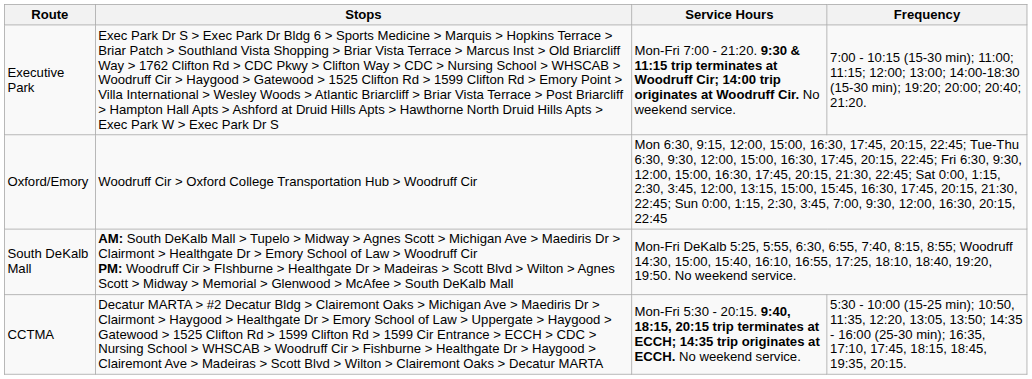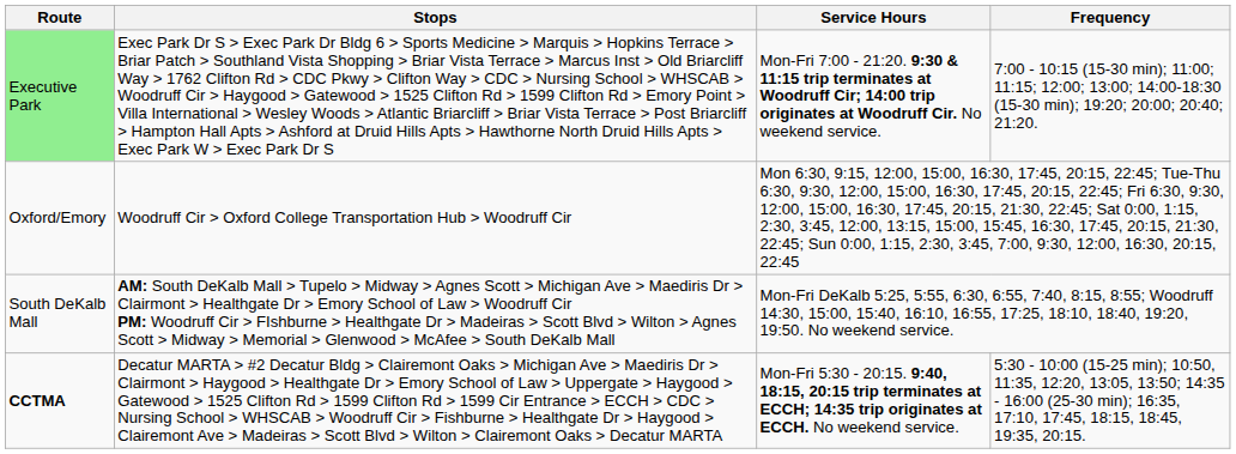 <table class="wikitable">
 <tr>
 <th>Route</th>
 <th>Stops</th>
 <th>Service Hours</th>
 <th>Frequency</th>
 </tr>
 <tr>
-<td>Executive Park</td>
+<td style="background: lightgreen;">Executive Park</td>
 <td>Exec Park Dr S > Exec Park Dr Bldg 6 > Sports Medicine > Marquis > Hopkins Terrace > Briar Patch > Southland Vista Shopping > Briar Vista Terrace > Marcus Inst > Old Briarcliff Way > 1762 Clifton Rd > CDC Pkwy > Clifton Way > CDC > Nursing School > WHSCAB > Woodruff Cir > Haygood > Gatewood > 1525 Clifton Rd > 1599 Clifton Rd > Emory Point > Villa International > Wesley Woods > Atlantic Briarcliff > Briar Vista Terrace > Post Briarcliff > Hampton Hall Apts > Ashford at Druid Hills Apts > Hawthorne North Druid Hills Apts > Exec Park W > Exec Park Dr S</td>
 <td>Mon-Fri 7:00 - 21:20. <strong>9:30 & 11:15 trip terminates at Woodruff Cir; 14:00 trip originates at Woodruff Cir.</strong> No weekend service.</td>
 <td>7:00 - 10:15 (15-30 min); 11:00; 11:15; 12:00; 13:00; 14:00-18:30 (15-30 min); 19:20; 20:00; 20:40; 21:20.</td>
 </tr>
 <tr>
 <td>Oxford/Emory</td>
 <td>Woodruff Cir > Oxford College Transportation Hub > Woodruff Cir</td>
 <td colspan="2">Mon 6:30, 9:15, 12:00, 15:00, 16:30, 17:45, 20:15, 22:45; Tue-Thu 6:30, 9:30, 12:00, 15:00, 16:30, 17:45, 20:15, 22:45; Fri 6:30, 9:30, 12:00, 15:00, 16:30, 17:45, 20:15, 21:30, 22:45; Sat 0:00, 1:15, 2:30, 3:45, 12:00, 13:15, 15:00, 15:45, 16:30, 17:45, 20:15, 21:30, 22:45; Sun 0:00, 1:15, 2:30, 3:45, 7:00, 9:30, 12:00, 16:30, 20:15, 22:45</td>
 </tr>
 <tr>
 <td>South DeKalb Mall</td>
 <td><strong>AM:</strong> South DeKalb Mall > Tupelo > Midway > Agnes Scott > Michigan Ave > Maediris Dr > Clairmont > Healthgate Dr > Emory School of Law > Woodruff Cir<br><strong>PM:</strong> Woodruff Cir > FIshburne > Healthgate Dr > Madeiras > Scott Blvd > Wilton > Agnes Scott > Midway > Memorial > Glenwood > McAfee > South DeKalb Mall</td>
 <td colspan="2">Mon-Fri DeKalb 5:25, 5:55, 6:30, 6:55, 7:40, 8:15, 8:55; Woodruff 14:30, 15:00, 15:40, 16:10, 16:55, 17:25, 18:10, 18:40, 19:20, 19:50. No weekend service.</td>
 </tr>
 <tr>
-<td>CCTMA</td>
+<td><strong>CCTMA</strong></td>
 <td>Decatur MARTA > #2 Decatur Bldg > Clairemont Oaks > Michigan Ave > Maediris Dr > Clairmont > Haygood > Healthgate Dr > Emory School of Law > Uppergate > Haygood > Gatewood > 1525 Clifton Rd > 1599 Clifton Rd > 1599 Cir Entrance > ECCH > CDC > Nursing School > WHSCAB > Woodruff Cir > Fishburne > Healthgate Dr > Haygood > Clairemont Ave > Madeiras > Scott Blvd > Wilton > Clairemont Oaks > Decatur MARTA</td>
 <td>Mon-Fri 5:30 - 20:15. <strong>9:40, 18:15, 20:15 trip terminates at ECCH; 14:35 trip originates at ECCH.</strong> No weekend service.</td>
 <td>5:30 - 10:00 (15-25 min); 10:50, 11:35, 12:20, 13:05, 13:50; 14:35 - 16:00 (25-30 min); 16:35, 17:10, 17:45, 18:15, 18:45, 19:35, 20:15.</td>
 </tr>
 </table>
